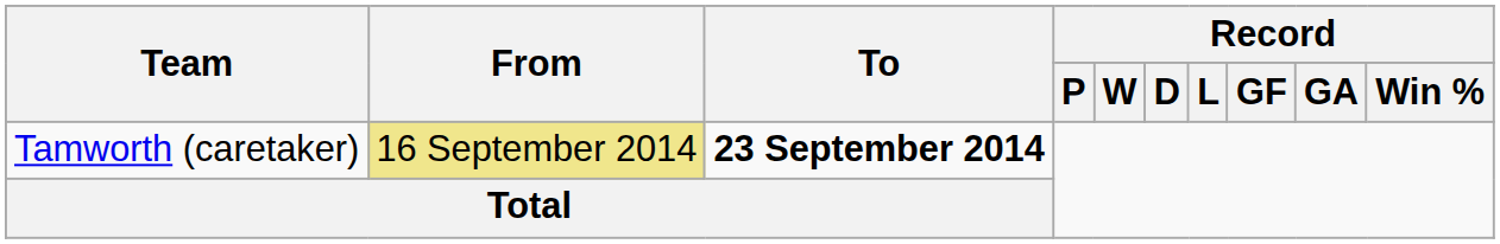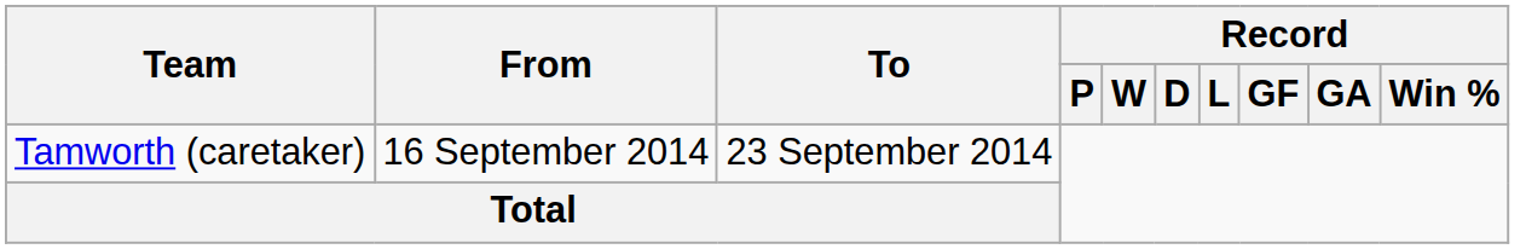 <table class="wikitable" style="text-align: center">
 <tr>
 <th rowspan="2">Team</th>
 <th rowspan="2">From</th>
 <th rowspan="2">To</th>
 <th colspan="7">Record</th>
 </tr>
 <tr>
 <th>P</th>
 <th>W</th>
 <th>D</th>
 <th>L</th>
 <th>GF</th>
 <th>GA</th>
 <th>Win %</th>
 </tr>
 <tr>
 <td align=left><a href='#'>Tamworth</a> (caretaker)</td>
-<td align=left style="background: khaki;">16 September 2014</td>
-<td align=left><strong>23 September 2014<br></strong></td>
+<td align=left>16 September 2014</td>
+<td align=left>23 September 2014<br></td>
 </tr>
 <tr>
 <th colspan="3">Total<br></th>
 </tr>
 </table>
